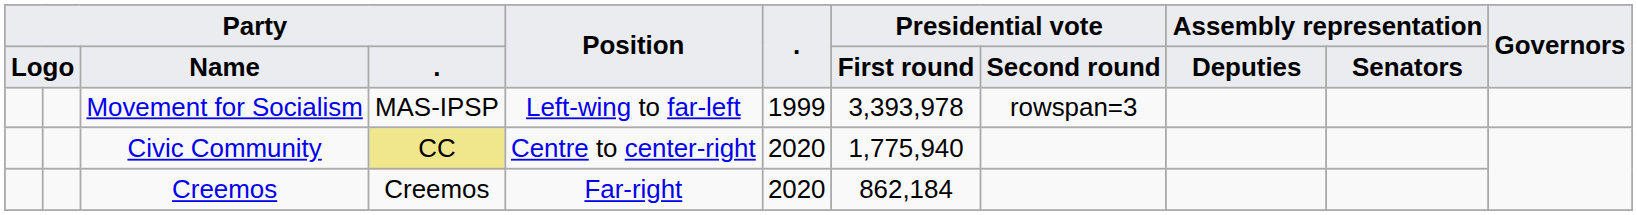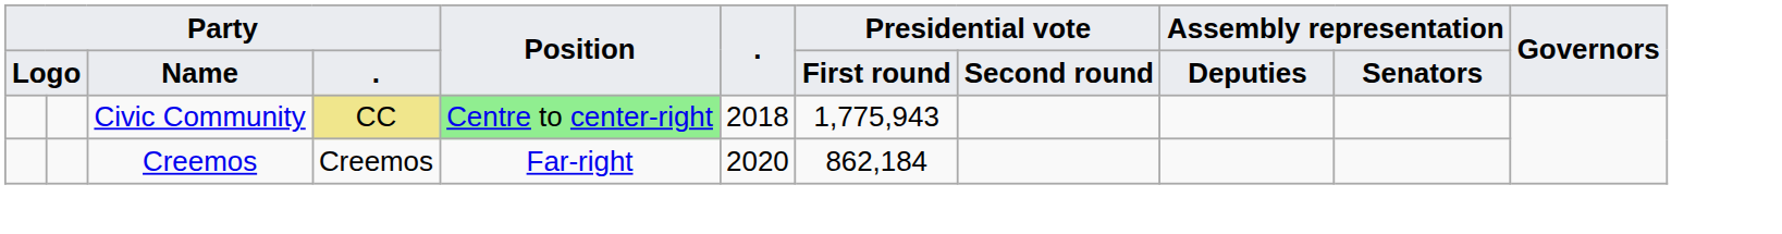 <table class="wikitable" style="font-size:90%; text-align:center;">
 <tr>
 <th style="background-color:#EAECF0;" colspan=4>Party</th>
 <th style="background-color:#EAECF0;" rowspan=2>Position</th>
 <th style="background-color:#EAECF0;" rowspan=2>.</th>
 <th style="background-color:#EAECF0;" colspan=2>Presidential vote</th>
 <th style="background-color:#EAECF0;" colspan=2>Assembly representation</th>
 <th style="background-color:#EAECF0;" rowspan=2>Governors</th>
 </tr>
 <tr>
 <th style="background-color:#EAECF0;" colspan=2>Logo</th>
 <th style="background-color:#EAECF0;">Name</th>
 <th style="background-color:#EAECF0;">.</th>
 <th style="background-color:#EAECF0;">First round</th>
 <th style="background-color:#EAECF0;">Second round</th>
 <th style="background-color:#EAECF0;">Deputies</th>
 <th style="background-color:#EAECF0;">Senators</th>
 </tr>
 <tr>
 <td style="background-color:"></td>
 <td></td>
-<td><a href='#'>Movement for Socialism</a><br></td>
-<td>MAS-IPSP</td>
-<td><a href='#'>Left-wing</a> to <a href='#'>far-left</a></td>
-<td>1999</td>
-<td>3,393,978<br></td>
-<td>rowspan=3 </td>
-<td></td>
-<td></td>
-<td></td>
-</tr>
-<tr>
-<td style="background-color:"></td>
-<td></td>
 <td><a href='#'>Civic Community</a><br></td>
 <td style="background: khaki;">CC</td>
-<td><a href='#'>Centre</a> to <a href='#'>center-right</a></td>
-<td>2020</td>
-<td>1,775,940<br></td>
+<td style="background: lightgreen;"><a href='#'>Centre</a> to <a href='#'>center-right</a></td>
+<td>2018</td>
+<td>1,775,943<br></td>
 <td></td>
 <td></td>
 <td></td>
 </tr>
 <tr>
 <td style="background-color:"></td>
 <td></td>
 <td><a href='#'>Creemos</a></td>
 <td>Creemos</td>
 <td><a href='#'>Far-right</a></td>
 <td>2020</td>
 <td>862,184<br></td>
 <td></td>
 <td></td>
 <td></td>
 </tr>
 </table>
